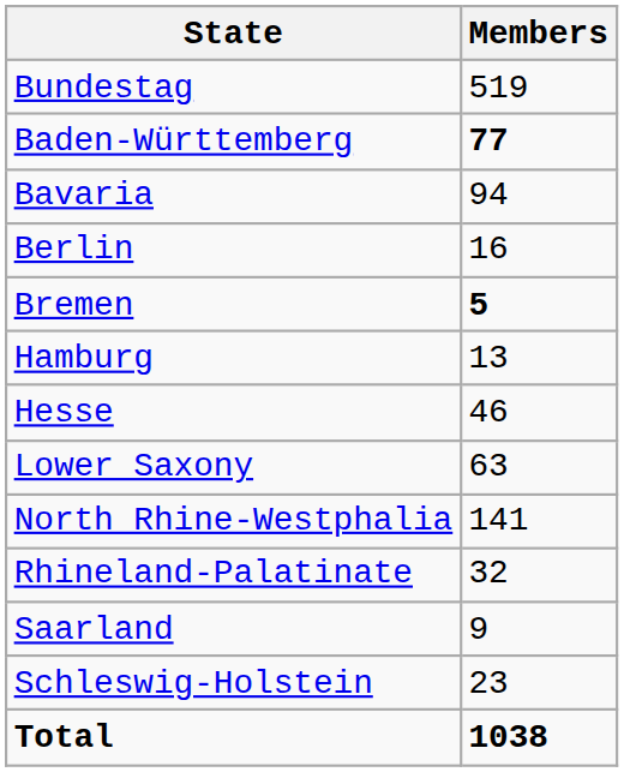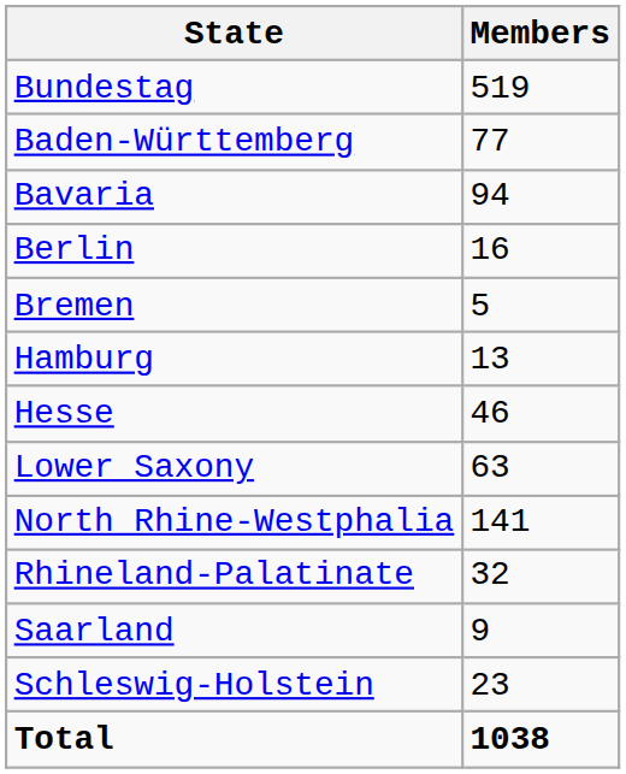 <table class="wikitable" style="float:left; margin-top:0;">
 <tr>
 <th>State</th>
 <th>Members</th>
 </tr>
 <tr>
 <td><a href='#'>Bundestag</a></td>
 <td>519</td>
 </tr>
 <tr>
 <td><a href='#'>Baden-Württemberg</a></td>
-<td><strong>77</strong></td>
+<td>77</td>
 </tr>
 <tr>
 <td><a href='#'>Bavaria</a></td>
 <td>94</td>
 </tr>
 <tr>
 <td><a href='#'>Berlin</a></td>
 <td>16</td>
 </tr>
 <tr>
 <td><a href='#'>Bremen</a></td>
-<td><strong>5</strong></td>
+<td>5</td>
 </tr>
 <tr>
 <td><a href='#'>Hamburg</a></td>
 <td>13</td>
 </tr>
 <tr>
 <td><a href='#'>Hesse</a></td>
 <td>46</td>
 </tr>
 <tr>
 <td><a href='#'>Lower Saxony</a></td>
 <td>63</td>
 </tr>
 <tr>
 <td><a href='#'>North Rhine-Westphalia</a></td>
 <td>141</td>
 </tr>
 <tr>
 <td><a href='#'>Rhineland-Palatinate</a></td>
 <td>32</td>
 </tr>
 <tr>
 <td><a href='#'>Saarland</a></td>
 <td>9</td>
 </tr>
 <tr>
 <td><a href='#'>Schleswig-Holstein</a></td>
 <td>23</td>
 </tr>
 <tr>
 <td><strong>Total</strong></td>
 <td><strong>1038</strong></td>
 </tr>
 </table>
